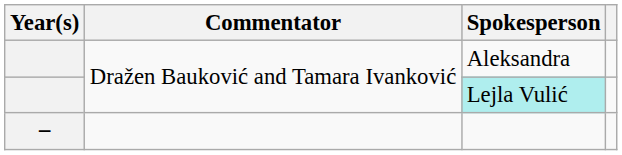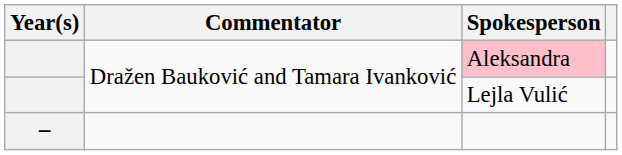 <table class="wikitable sortable plainrowheaders">
 <tr>
 <th scope="col">Year(s)</th>
 <th scope="col">Commentator</th>
 <th scope="col">Spokesperson</th>
 <th class="unsortable"></th>
 </tr>
 <tr>
 <th scope="row" style="text-align:center;"></th>
 <td rowspan="2">Dražen Bauković and Tamara Ivanković</td>
-<td>Aleksandra</td>
+<td style="background: pink;">Aleksandra</td>
 <td></td>
 </tr>
 <tr>
 <th scope="row" style="text-align:center;"></th>
-<td style="background: paleturquoise;">Lejla Vulić</td>
+<td>Lejla Vulić</td>
 <td></td>
 </tr>
 <tr>
 <th scope="row" style="text-align:center;">–</th>
 <td></td>
 <td></td>
 <td></td>
 </tr>
 </table>
